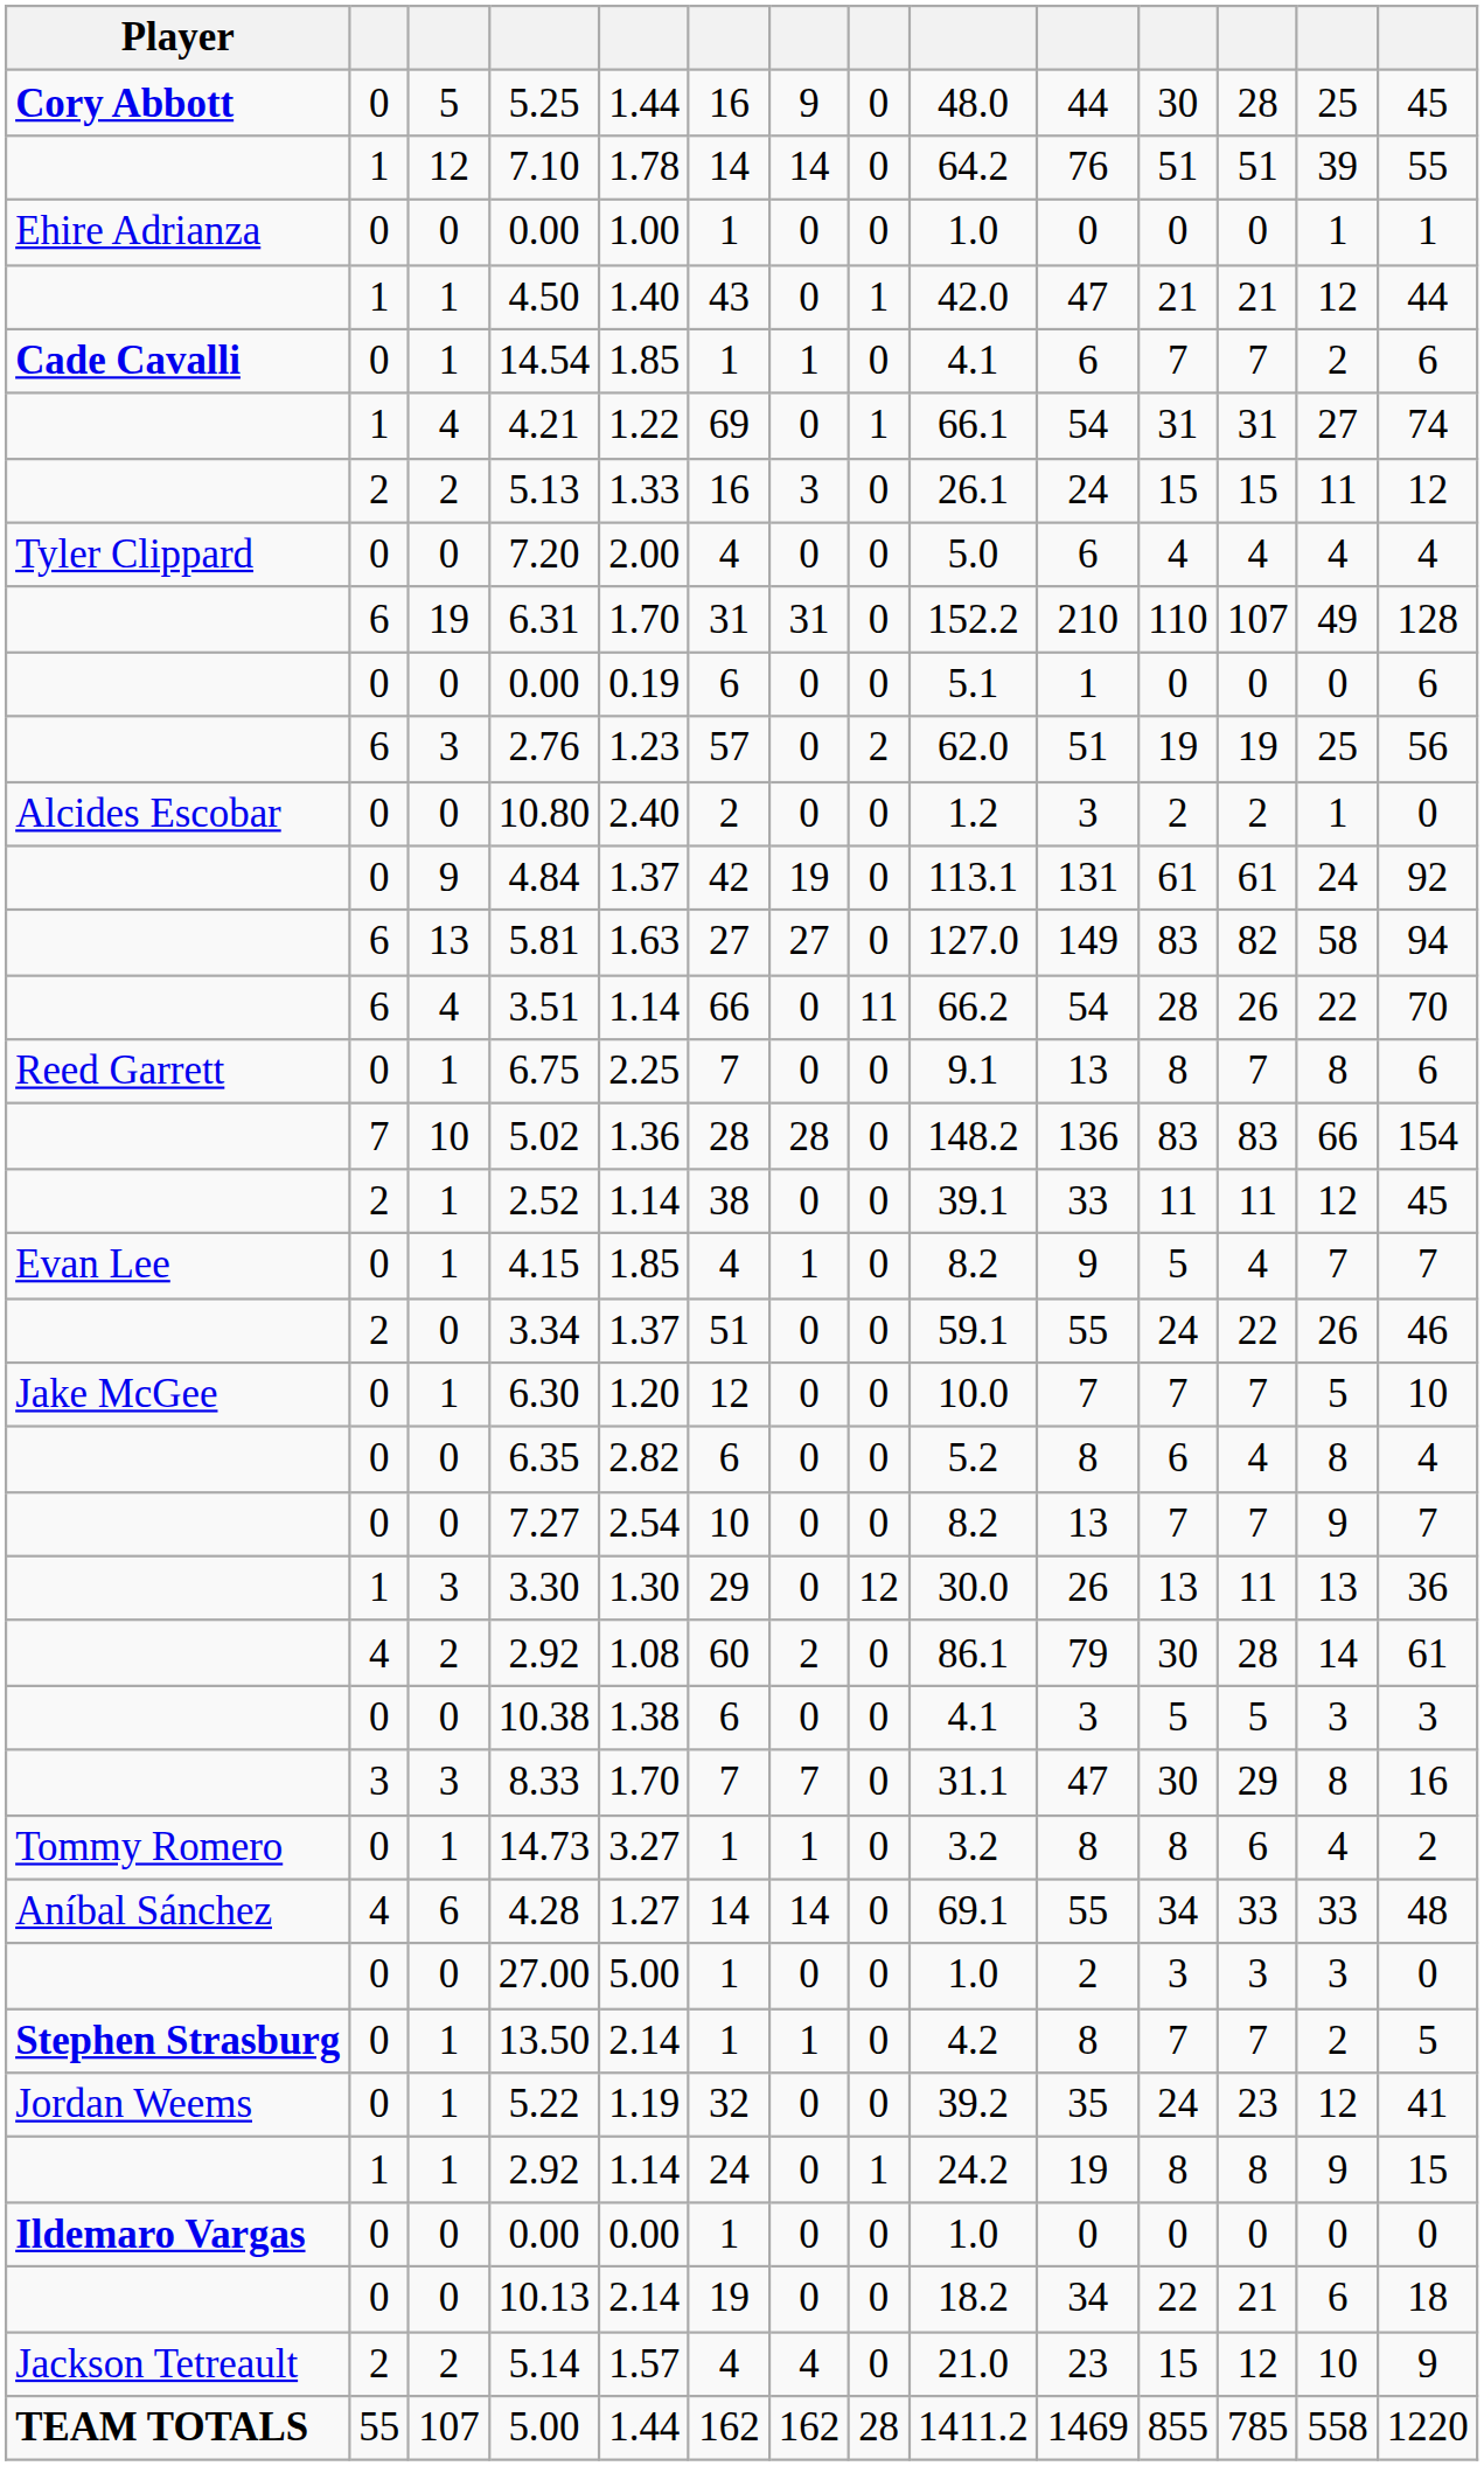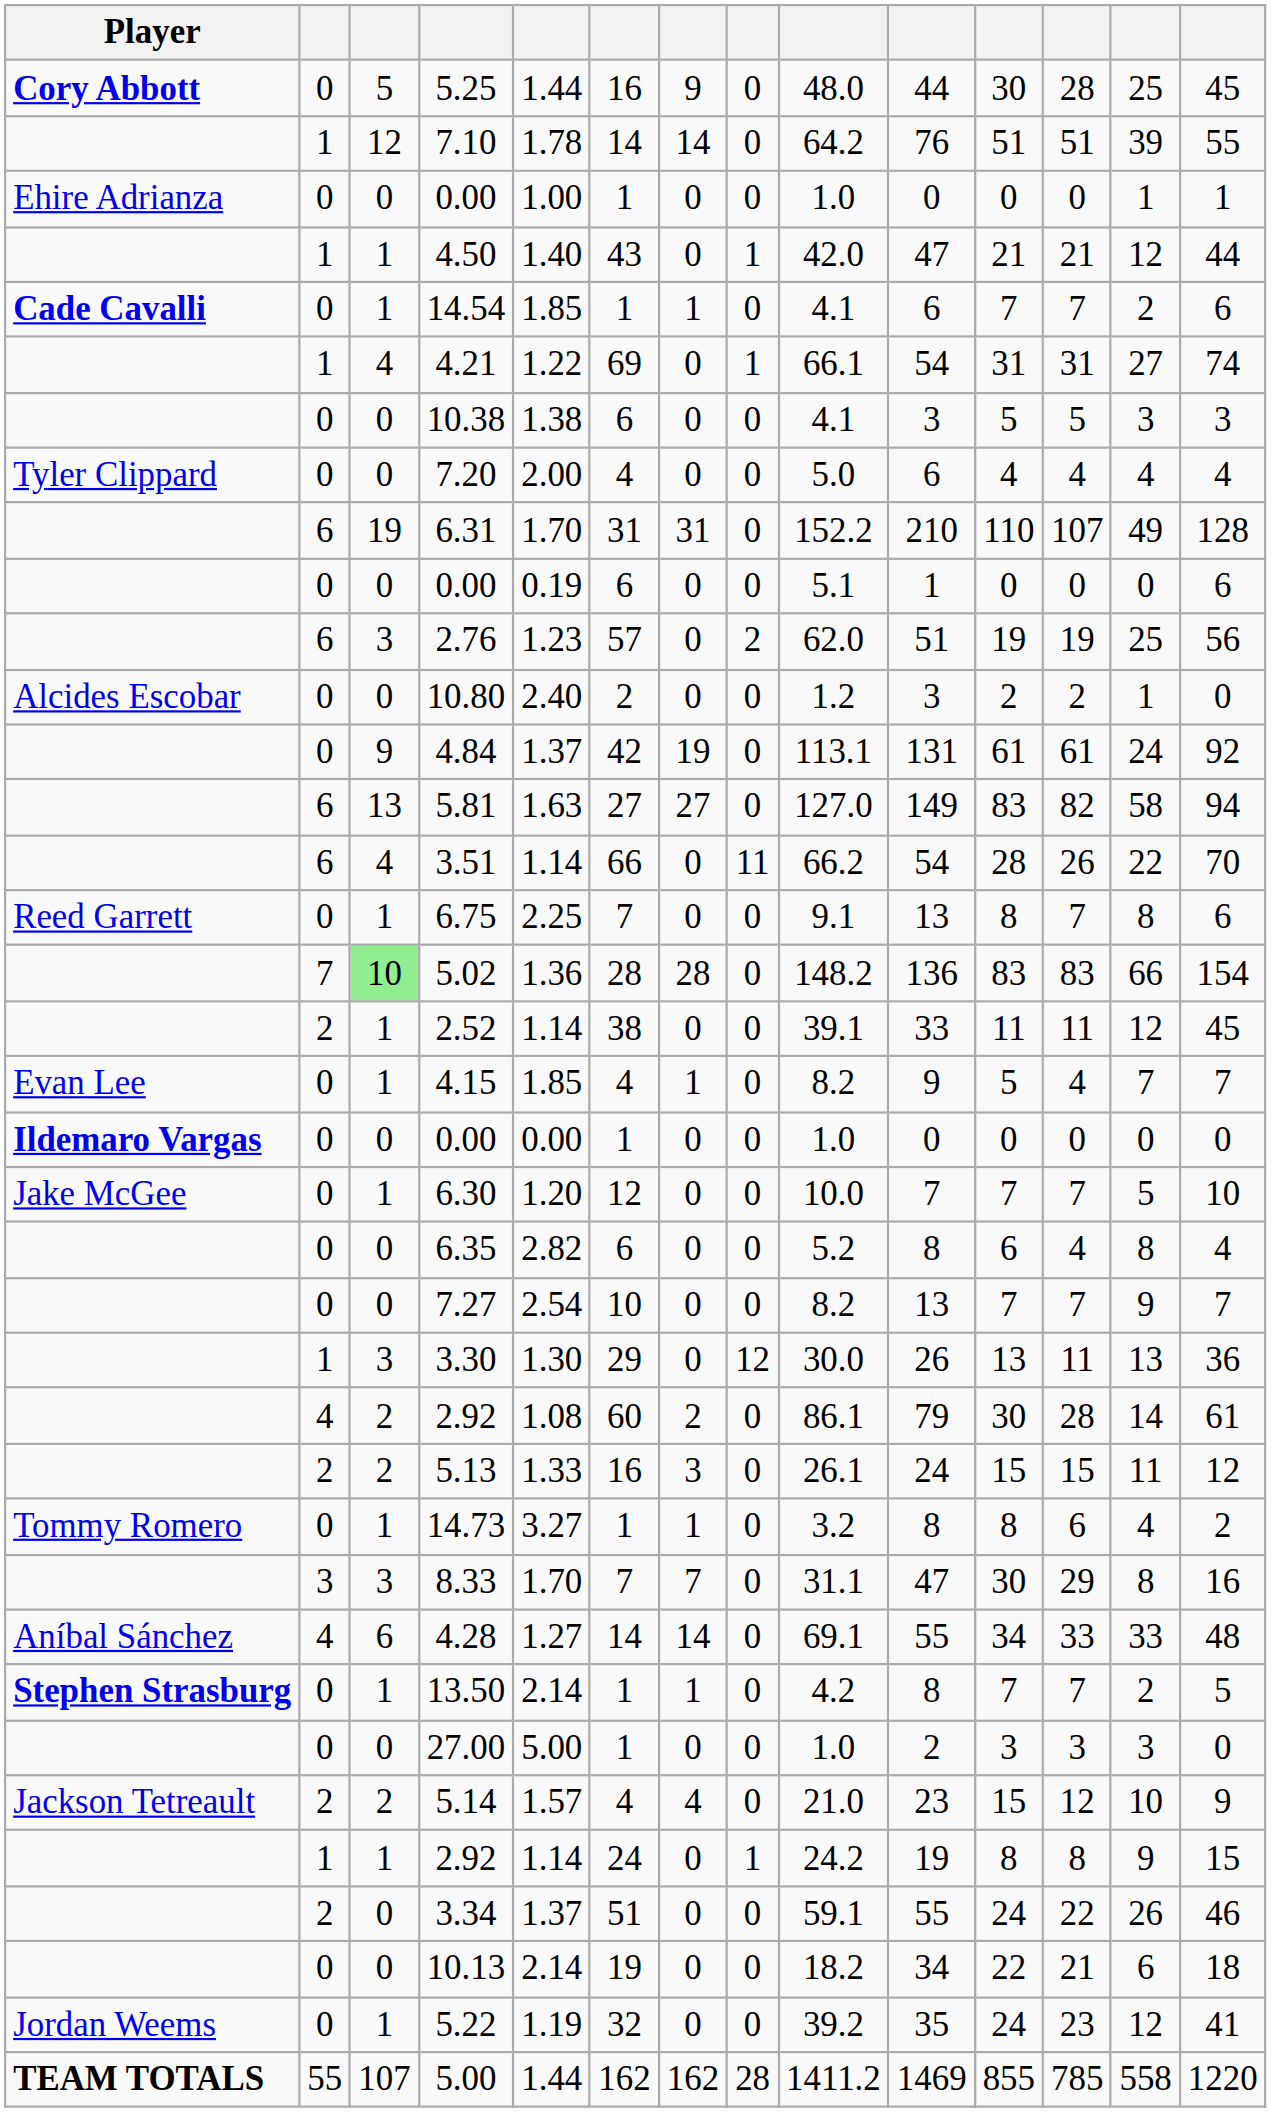 <table class="wikitable sortable" style="text-align:center;">
 <tr>
 <th>Player</th>
 <th></th>
 <th></th>
 <th></th>
 <th></th>
 <th></th>
 <th></th>
 <th></th>
 <th></th>
 <th></th>
 <th></th>
 <th></th>
 <th></th>
 <th></th>
 </tr>
 <tr>
 <td align=left><strong><a href='#'>Cory Abbott</a></strong></td>
 <td>0</td>
 <td>5</td>
 <td>5.25</td>
 <td>1.44</td>
 <td>16</td>
 <td>9</td>
 <td>0</td>
 <td>48.0</td>
 <td>44</td>
 <td>30</td>
 <td>28</td>
 <td>25</td>
 <td>45</td>
 </tr>
 <tr>
 <td align=left></td>
 <td>1</td>
 <td>12</td>
 <td>7.10</td>
 <td>1.78</td>
 <td>14</td>
 <td>14</td>
 <td>0</td>
 <td>64.2</td>
 <td>76</td>
 <td>51</td>
 <td>51</td>
 <td>39</td>
 <td>55</td>
 </tr>
 <tr>
 <td align=left><a href='#'>Ehire Adrianza</a></td>
 <td>0</td>
 <td>0</td>
 <td>0.00</td>
 <td>1.00</td>
 <td>1</td>
 <td>0</td>
 <td>0</td>
 <td>1.0</td>
 <td>0</td>
 <td>0</td>
 <td>0</td>
 <td>1</td>
 <td>1</td>
 </tr>
 <tr>
 <td align=left></td>
 <td>1</td>
 <td>1</td>
 <td>4.50</td>
 <td>1.40</td>
 <td>43</td>
 <td>0</td>
 <td>1</td>
 <td>42.0</td>
 <td>47</td>
 <td>21</td>
 <td>21</td>
 <td>12</td>
 <td>44</td>
 </tr>
 <tr>
 <td align=left><strong><a href='#'>Cade Cavalli</a></strong></td>
 <td>0</td>
 <td>1</td>
 <td>14.54</td>
 <td>1.85</td>
 <td>1</td>
 <td>1</td>
 <td>0</td>
 <td>4.1</td>
 <td>6</td>
 <td>7</td>
 <td>7</td>
 <td>2</td>
 <td>6</td>
 </tr>
 <tr>
 <td align=left></td>
 <td>1</td>
 <td>4</td>
 <td>4.21</td>
 <td>1.22</td>
 <td>69</td>
 <td>0</td>
 <td>1</td>
 <td>66.1</td>
 <td>54</td>
 <td>31</td>
 <td>31</td>
 <td>27</td>
 <td>74</td>
 </tr>
 <tr>
 <td align=left></td>
-<td>2</td>
-<td>2</td>
-<td>5.13</td>
-<td>1.33</td>
-<td>16</td>
+<td>0</td>
+<td>0</td>
+<td>10.38</td>
+<td>1.38</td>
+<td>6</td>
+<td>0</td>
+<td>0</td>
+<td>4.1</td>
 <td>3</td>
-<td>0</td>
-<td>26.1</td>
-<td>24</td>
-<td>15</td>
-<td>15</td>
-<td>11</td>
-<td>12</td>
+<td>5</td>
+<td>5</td>
+<td>3</td>
+<td>3</td>
 </tr>
 <tr>
 <td align=left><a href='#'>Tyler Clippard</a></td>
 <td>0</td>
 <td>0</td>
 <td>7.20</td>
 <td>2.00</td>
 <td>4</td>
 <td>0</td>
 <td>0</td>
 <td>5.0</td>
 <td>6</td>
 <td>4</td>
 <td>4</td>
 <td>4</td>
 <td>4</td>
 </tr>
 <tr>
 <td align=left></td>
 <td>6</td>
 <td>19</td>
 <td>6.31</td>
 <td>1.70</td>
 <td>31</td>
 <td>31</td>
 <td>0</td>
 <td>152.2</td>
 <td>210</td>
 <td>110</td>
 <td>107</td>
 <td>49</td>
 <td>128</td>
 </tr>
 <tr>
 <td align=left></td>
 <td>0</td>
 <td>0</td>
 <td>0.00</td>
 <td>0.19</td>
 <td>6</td>
 <td>0</td>
 <td>0</td>
 <td>5.1</td>
 <td>1</td>
 <td>0</td>
 <td>0</td>
 <td>0</td>
 <td>6</td>
 </tr>
 <tr>
 <td align=left></td>
 <td>6</td>
 <td>3</td>
 <td>2.76</td>
 <td>1.23</td>
 <td>57</td>
 <td>0</td>
 <td>2</td>
 <td>62.0</td>
 <td>51</td>
 <td>19</td>
 <td>19</td>
 <td>25</td>
 <td>56</td>
 </tr>
 <tr>
 <td align=left><a href='#'>Alcides Escobar</a></td>
 <td>0</td>
 <td>0</td>
 <td>10.80</td>
 <td>2.40</td>
 <td>2</td>
 <td>0</td>
 <td>0</td>
 <td>1.2</td>
 <td>3</td>
 <td>2</td>
 <td>2</td>
 <td>1</td>
 <td>0</td>
 </tr>
 <tr>
 <td align=left></td>
 <td>0</td>
 <td>9</td>
 <td>4.84</td>
 <td>1.37</td>
 <td>42</td>
 <td>19</td>
 <td>0</td>
 <td>113.1</td>
 <td>131</td>
 <td>61</td>
 <td>61</td>
 <td>24</td>
 <td>92</td>
 </tr>
 <tr>
 <td align=left></td>
 <td>6</td>
 <td>13</td>
 <td>5.81</td>
 <td>1.63</td>
 <td>27</td>
 <td>27</td>
 <td>0</td>
 <td>127.0</td>
 <td>149</td>
 <td>83</td>
 <td>82</td>
 <td>58</td>
 <td>94</td>
 </tr>
 <tr>
 <td align=left></td>
 <td>6</td>
 <td>4</td>
 <td>3.51</td>
 <td>1.14</td>
 <td>66</td>
 <td>0</td>
 <td>11</td>
 <td>66.2</td>
 <td>54</td>
 <td>28</td>
 <td>26</td>
 <td>22</td>
 <td>70</td>
 </tr>
 <tr>
 <td align=left><a href='#'>Reed Garrett</a></td>
 <td>0</td>
 <td>1</td>
 <td>6.75</td>
 <td>2.25</td>
 <td>7</td>
 <td>0</td>
 <td>0</td>
 <td>9.1</td>
 <td>13</td>
 <td>8</td>
 <td>7</td>
 <td>8</td>
 <td>6</td>
 </tr>
 <tr>
 <td align=left></td>
 <td>7</td>
-<td>10</td>
+<td style="background: lightgreen;">10</td>
 <td>5.02</td>
 <td>1.36</td>
 <td>28</td>
 <td>28</td>
 <td>0</td>
 <td>148.2</td>
 <td>136</td>
 <td>83</td>
 <td>83</td>
 <td>66</td>
 <td>154</td>
 </tr>
 <tr>
 <td align=left></td>
 <td>2</td>
 <td>1</td>
 <td>2.52</td>
 <td>1.14</td>
 <td>38</td>
 <td>0</td>
 <td>0</td>
 <td>39.1</td>
 <td>33</td>
 <td>11</td>
 <td>11</td>
 <td>12</td>
 <td>45</td>
 </tr>
 <tr>
 <td align=left><a href='#'>Evan Lee</a></td>
 <td>0</td>
 <td>1</td>
 <td>4.15</td>
 <td>1.85</td>
 <td>4</td>
 <td>1</td>
 <td>0</td>
 <td>8.2</td>
 <td>9</td>
 <td>5</td>
 <td>4</td>
 <td>7</td>
 <td>7</td>
 </tr>
 <tr>
-<td align=left></td>
-<td>2</td>
-<td>0</td>
-<td>3.34</td>
-<td>1.37</td>
-<td>51</td>
+<td align=left><strong><a href='#'>Ildemaro Vargas</a></strong></td>
 <td>0</td>
 <td>0</td>
-<td>59.1</td>
-<td>55</td>
-<td>24</td>
-<td>22</td>
-<td>26</td>
-<td>46</td>
+<td>0.00</td>
+<td>0.00</td>
+<td>1</td>
+<td>0</td>
+<td>0</td>
+<td>1.0</td>
+<td>0</td>
+<td>0</td>
+<td>0</td>
+<td>0</td>
+<td>0</td>
 </tr>
 <tr>
 <td align=left><a href='#'>Jake McGee</a></td>
 <td>0</td>
 <td>1</td>
 <td>6.30</td>
 <td>1.20</td>
 <td>12</td>
 <td>0</td>
 <td>0</td>
 <td>10.0</td>
 <td>7</td>
 <td>7</td>
 <td>7</td>
 <td>5</td>
 <td>10</td>
 </tr>
 <tr>
 <td align=left></td>
 <td>0</td>
 <td>0</td>
 <td>6.35</td>
 <td>2.82</td>
 <td>6</td>
 <td>0</td>
 <td>0</td>
 <td>5.2</td>
 <td>8</td>
 <td>6</td>
 <td>4</td>
 <td>8</td>
 <td>4</td>
 </tr>
 <tr>
 <td align=left></td>
 <td>0</td>
 <td>0</td>
 <td>7.27</td>
 <td>2.54</td>
 <td>10</td>
 <td>0</td>
 <td>0</td>
 <td>8.2</td>
 <td>13</td>
 <td>7</td>
 <td>7</td>
 <td>9</td>
 <td>7</td>
 </tr>
 <tr>
 <td align=left></td>
 <td>1</td>
 <td>3</td>
 <td>3.30</td>
 <td>1.30</td>
 <td>29</td>
 <td>0</td>
 <td>12</td>
 <td>30.0</td>
 <td>26</td>
 <td>13</td>
 <td>11</td>
 <td>13</td>
 <td>36</td>
 </tr>
 <tr>
 <td align=left></td>
 <td>4</td>
 <td>2</td>
 <td>2.92</td>
 <td>1.08</td>
 <td>60</td>
 <td>2</td>
 <td>0</td>
 <td>86.1</td>
 <td>79</td>
 <td>30</td>
 <td>28</td>
 <td>14</td>
 <td>61</td>
 </tr>
 <tr>
 <td align=left></td>
+<td>2</td>
+<td>2</td>
+<td>5.13</td>
+<td>1.33</td>
+<td>16</td>
+<td>3</td>
 <td>0</td>
+<td>26.1</td>
+<td>24</td>
+<td>15</td>
+<td>15</td>
+<td>11</td>
+<td>12</td>
+</tr>
+<tr>
+<td align=left><a href='#'>Tommy Romero</a></td>
 <td>0</td>
-<td>10.38</td>
-<td>1.38</td>
+<td>1</td>
+<td>14.73</td>
+<td>3.27</td>
+<td>1</td>
+<td>1</td>
+<td>0</td>
+<td>3.2</td>
+<td>8</td>
+<td>8</td>
 <td>6</td>
-<td>0</td>
-<td>0</td>
-<td>4.1</td>
-<td>3</td>
-<td>5</td>
-<td>5</td>
-<td>3</td>
-<td>3</td>
+<td>4</td>
+<td>2</td>
 </tr>
 <tr>
 <td align=left></td>
 <td>3</td>
 <td>3</td>
 <td>8.33</td>
 <td>1.70</td>
 <td>7</td>
 <td>7</td>
 <td>0</td>
 <td>31.1</td>
 <td>47</td>
 <td>30</td>
 <td>29</td>
 <td>8</td>
 <td>16</td>
 </tr>
 <tr>
-<td align=left><a href='#'>Tommy Romero</a></td>
-<td>0</td>
-<td>1</td>
-<td>14.73</td>
-<td>3.27</td>
-<td>1</td>
-<td>1</td>
-<td>0</td>
-<td>3.2</td>
-<td>8</td>
-<td>8</td>
-<td>6</td>
-<td>4</td>
-<td>2</td>
-</tr>
-<tr>
 <td align=left><a href='#'>Aníbal Sánchez</a></td>
 <td>4</td>
 <td>6</td>
 <td>4.28</td>
 <td>1.27</td>
 <td>14</td>
 <td>14</td>
 <td>0</td>
 <td>69.1</td>
 <td>55</td>
 <td>34</td>
 <td>33</td>
 <td>33</td>
 <td>48</td>
+</tr>
+<tr>
+<td align=left><strong><a href='#'>Stephen Strasburg</a></strong></td>
+<td>0</td>
+<td>1</td>
+<td>13.50</td>
+<td>2.14</td>
+<td>1</td>
+<td>1</td>
+<td>0</td>
+<td>4.2</td>
+<td>8</td>
+<td>7</td>
+<td>7</td>
+<td>2</td>
+<td>5</td>
 </tr>
 <tr>
 <td align=left></td>
 <td>0</td>
 <td>0</td>
 <td>27.00</td>
 <td>5.00</td>
 <td>1</td>
 <td>0</td>
 <td>0</td>
 <td>1.0</td>
 <td>2</td>
 <td>3</td>
 <td>3</td>
 <td>3</td>
 <td>0</td>
 </tr>
 <tr>
-<td align=left><strong><a href='#'>Stephen Strasburg</a></strong></td>
+<td align=left><a href='#'>Jackson Tetreault</a></td>
+<td>2</td>
+<td>2</td>
+<td>5.14</td>
+<td>1.57</td>
+<td>4</td>
+<td>4</td>
 <td>0</td>
-<td>1</td>
-<td>13.50</td>
-<td>2.14</td>
-<td>1</td>
-<td>1</td>
-<td>0</td>
-<td>4.2</td>
-<td>8</td>
-<td>7</td>
-<td>7</td>
-<td>2</td>
-<td>5</td>
-</tr>
-<tr>
-<td align=left><a href='#'>Jordan Weems</a></td>
-<td>0</td>
-<td>1</td>
-<td>5.22</td>
-<td>1.19</td>
-<td>32</td>
-<td>0</td>
-<td>0</td>
-<td>39.2</td>
-<td>35</td>
-<td>24</td>
+<td>21.0</td>
 <td>23</td>
+<td>15</td>
 <td>12</td>
-<td>41</td>
+<td>10</td>
+<td>9</td>
 </tr>
 <tr>
 <td align=left></td>
 <td>1</td>
 <td>1</td>
 <td>2.92</td>
 <td>1.14</td>
 <td>24</td>
 <td>0</td>
 <td>1</td>
 <td>24.2</td>
 <td>19</td>
 <td>8</td>
 <td>8</td>
 <td>9</td>
 <td>15</td>
 </tr>
 <tr>
-<td align=left><strong><a href='#'>Ildemaro Vargas</a></strong></td>
+<td align=left></td>
+<td>2</td>
+<td>0</td>
+<td>3.34</td>
+<td>1.37</td>
+<td>51</td>
 <td>0</td>
 <td>0</td>
-<td>0.00</td>
-<td>0.00</td>
-<td>1</td>
-<td>0</td>
-<td>0</td>
-<td>1.0</td>
-<td>0</td>
-<td>0</td>
-<td>0</td>
-<td>0</td>
-<td>0</td>
+<td>59.1</td>
+<td>55</td>
+<td>24</td>
+<td>22</td>
+<td>26</td>
+<td>46</td>
 </tr>
 <tr>
 <td align=left></td>
 <td>0</td>
 <td>0</td>
 <td>10.13</td>
 <td>2.14</td>
 <td>19</td>
 <td>0</td>
 <td>0</td>
 <td>18.2</td>
 <td>34</td>
 <td>22</td>
 <td>21</td>
 <td>6</td>
 <td>18</td>
 </tr>
 <tr>
-<td align=left><a href='#'>Jackson Tetreault</a></td>
-<td>2</td>
-<td>2</td>
-<td>5.14</td>
-<td>1.57</td>
-<td>4</td>
-<td>4</td>
+<td align=left><a href='#'>Jordan Weems</a></td>
 <td>0</td>
-<td>21.0</td>
+<td>1</td>
+<td>5.22</td>
+<td>1.19</td>
+<td>32</td>
+<td>0</td>
+<td>0</td>
+<td>39.2</td>
+<td>35</td>
+<td>24</td>
 <td>23</td>
-<td>15</td>
 <td>12</td>
-<td>10</td>
-<td>9</td>
+<td>41</td>
 </tr>
 <tr class="sortbottom">
 <td align="left"><strong>TEAM TOTALS</strong></td>
 <td>55</td>
 <td>107</td>
 <td>5.00</td>
 <td>1.44</td>
 <td>162</td>
 <td>162</td>
 <td>28</td>
 <td>1411.2</td>
 <td>1469</td>
 <td>855</td>
 <td>785</td>
 <td>558</td>
 <td>1220</td>
 </tr>
 </table>
